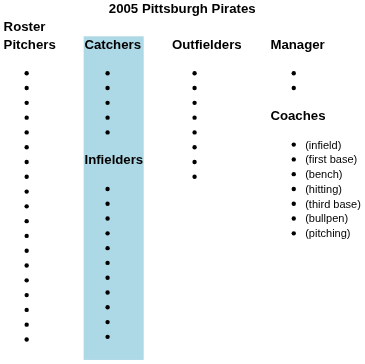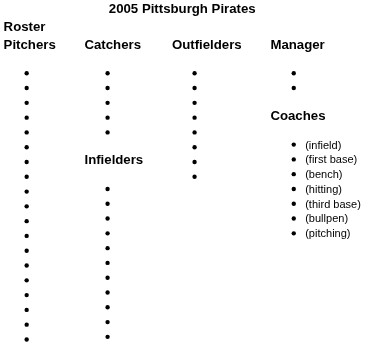 <table class="toccolours" style="font-size: 95%;">
 <tr>
 <th colspan="10">2005 Pittsburgh Pirates</th>
 </tr>
 <tr>
 <td colspan="10"><strong>Roster</strong></td>
 </tr>
 <tr>
 <td valign="top"><strong>Pitchers</strong><br><ul><li></li><li></li><li></li><li></li><li></li><li></li><li></li><li></li><li></li><li></li><li></li><li></li><li></li><li></li><li></li><li></li><li></li><li></li><li></li></ul></td>
 <td width="25px"></td>
-<td valign="top" style="background: lightblue;"><strong>Catchers</strong><br><ul><li></li><li></li><li></li><li></li><li></li></ul><strong>Infielders</strong><ul><li></li><li></li><li></li><li></li><li></li><li></li><li></li><li></li><li></li><li></li><li></li></ul></td>
+<td valign="top"><strong>Catchers</strong><br><ul><li></li><li></li><li></li><li></li><li></li></ul><strong>Infielders</strong><ul><li></li><li></li><li></li><li></li><li></li><li></li><li></li><li></li><li></li><li></li><li></li></ul></td>
 <td width="25px"></td>
 <td valign="top"><strong>Outfielders</strong><br><ul><li></li><li></li><li></li><li></li><li></li><li></li><li></li><li></li></ul></td>
 <td width="25px"></td>
 <td valign="top"><strong>Manager</strong><br><ul><li></li><li></li></ul><strong>Coaches</strong><ul><li> <small>(infield)</small></li><li> <small>(first base)</small></li><li> <small>(bench)</small></li><li> <small>(hitting)</small></li><li> <small>(third base)</small></li><li> <small>(bullpen)</small></li><li> <small>(pitching)</small></li></ul></td>
 </tr>
 </table>
